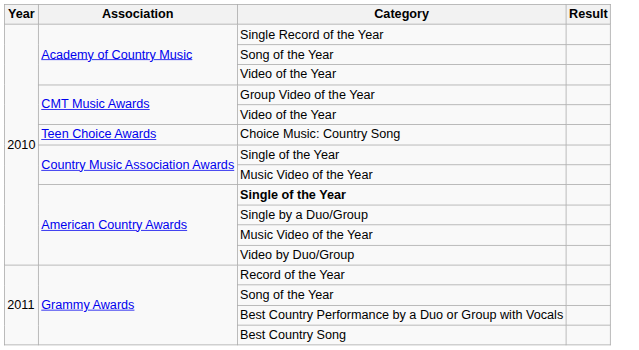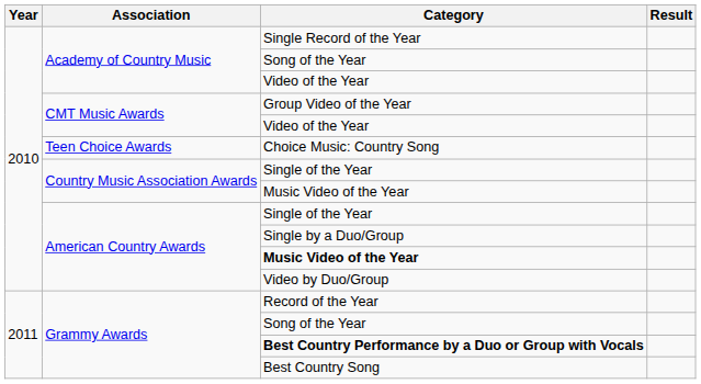 <table class="wikitable">
 <tr>
 <th>Year</th>
 <th>Association</th>
 <th>Category</th>
 <th>Result</th>
 </tr>
 <tr>
 <td rowspan="12">2010</td>
 <td rowspan="3"><a href='#'>Academy of Country Music</a></td>
 <td>Single Record of the Year</td>
 <td></td>
 </tr>
 <tr>
 <td>Song of the Year</td>
 <td></td>
 </tr>
 <tr>
 <td>Video of the Year</td>
 <td></td>
 </tr>
 <tr>
 <td rowspan="2"><a href='#'>CMT Music Awards</a></td>
 <td>Group Video of the Year</td>
 <td></td>
 </tr>
 <tr>
 <td>Video of the Year</td>
 <td></td>
 </tr>
 <tr>
 <td><a href='#'>Teen Choice Awards</a></td>
 <td>Choice Music: Country Song</td>
 <td></td>
 </tr>
 <tr>
 <td rowspan=2><a href='#'>Country Music Association Awards</a></td>
 <td>Single of the Year</td>
 <td></td>
 </tr>
 <tr>
 <td>Music Video of the Year</td>
 <td></td>
 </tr>
 <tr>
 <td rowspan=4><a href='#'>American Country Awards</a></td>
-<td><strong>Single of the Year</strong></td>
+<td>Single of the Year</td>
 <td></td>
 </tr>
 <tr>
 <td>Single by a Duo/Group</td>
 <td></td>
 </tr>
 <tr>
-<td>Music Video of the Year</td>
+<td><strong>Music Video of the Year</strong></td>
 <td></td>
 </tr>
 <tr>
 <td>Video by Duo/Group</td>
 <td></td>
 </tr>
 <tr>
 <td rowspan="4">2011</td>
 <td rowspan="4"><a href='#'>Grammy Awards</a></td>
 <td>Record of the Year</td>
 <td></td>
 </tr>
 <tr>
 <td>Song of the Year</td>
 <td></td>
 </tr>
 <tr>
-<td>Best Country Performance by a Duo or Group with Vocals</td>
+<td><strong>Best Country Performance by a Duo or Group with Vocals</strong></td>
 <td></td>
 </tr>
 <tr>
 <td>Best Country Song</td>
 <td></td>
 </tr>
 </table>
